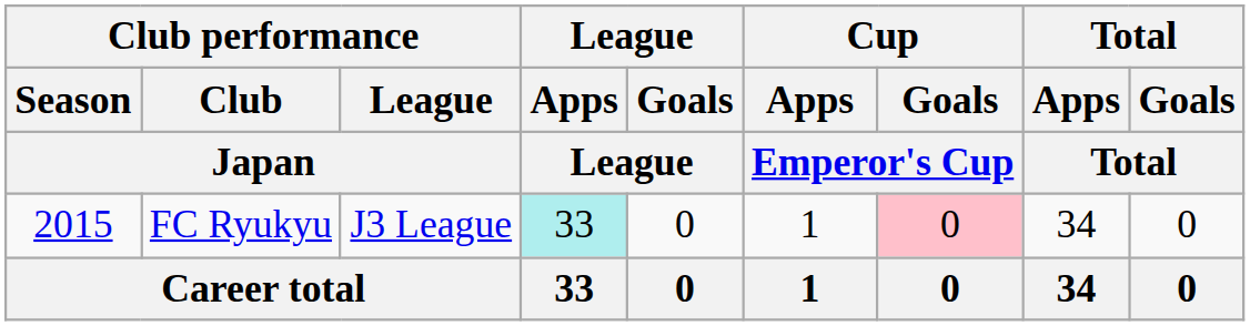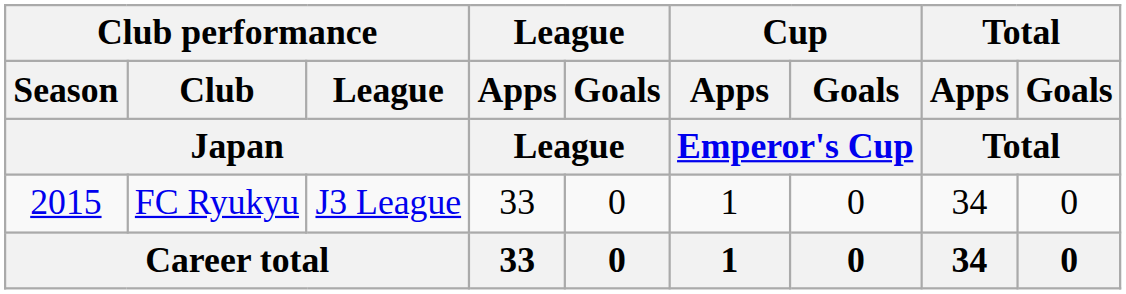 <table class="wikitable" style="text-align:center">
 <tr>
 <th colspan=3>Club performance</th>
 <th colspan=2>League</th>
 <th colspan=2>Cup</th>
 <th colspan=2>Total</th>
 </tr>
 <tr>
 <th>Season</th>
 <th>Club</th>
 <th>League</th>
 <th>Apps</th>
 <th>Goals</th>
 <th>Apps</th>
 <th>Goals</th>
 <th>Apps</th>
 <th>Goals</th>
 </tr>
 <tr>
 <th colspan=3>Japan</th>
 <th colspan=2>League</th>
 <th colspan=2><a href='#'>Emperor's Cup</a></th>
 <th colspan=2>Total</th>
 </tr>
 <tr>
 <td><a href='#'>2015</a></td>
 <td rowspan="1"><a href='#'>FC Ryukyu</a></td>
 <td rowspan="1"><a href='#'>J3 League</a></td>
-<td style="background: paleturquoise;">33</td>
+<td>33</td>
 <td>0</td>
 <td>1</td>
-<td style="background: pink;">0</td>
+<td>0</td>
 <td>34</td>
 <td>0</td>
 </tr>
 <tr>
 <th colspan=3>Career total</th>
 <th>33</th>
 <th>0</th>
 <th>1</th>
 <th>0</th>
 <th>34</th>
 <th>0</th>
 </tr>
 </table>
